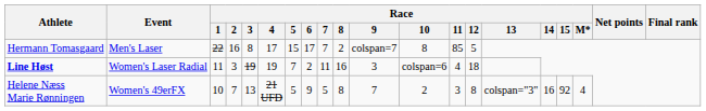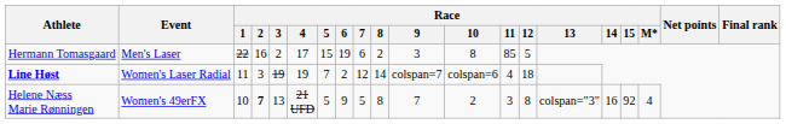 <table class="wikitable" style="font-size:90%">
 <tr>
 <th rowspan="2">Athlete</th>
 <th rowspan="2">Event</th>
 <th colspan=16>Race</th>
 <th rowspan=2>Net points</th>
 <th rowspan=2>Final rank</th>
 </tr>
 <tr style="font-size:95%">
 <th>1</th>
 <th>2</th>
 <th>3</th>
 <th>4</th>
 <th>5</th>
 <th>6</th>
 <th>7</th>
 <th>8</th>
 <th>9</th>
 <th>10</th>
 <th>11</th>
 <th>12</th>
 <th>13</th>
 <th>14</th>
 <th>15</th>
 <th>M*</th>
 </tr>
 <tr align=center>
 <td align=left><a href='#'>Hermann Tomasgaard</a></td>
 <td align=left><a href='#'>Men's Laser</a></td>
 <td><s>22</s></td>
 <td>16</td>
-<td>8</td>
+<td>2</td>
 <td>17</td>
 <td>15</td>
-<td>17</td>
-<td>7</td>
+<td>19</td>
+<td>6</td>
 <td>2</td>
-<td>colspan=7 </td>
+<td>3</td>
 <td>8</td>
 <td>85</td>
 <td>5</td>
 </tr>
 <tr align=center>
 <td align=left><strong><a href='#'>Line Høst</a></strong></td>
 <td align=left><a href='#'>Women's Laser Radial</a></td>
 <td>11</td>
 <td>3</td>
 <td><s>19</s></td>
 <td>19</td>
 <td>7</td>
 <td>2</td>
-<td>11</td>
-<td>16</td>
-<td>3</td>
+<td>12</td>
+<td>14</td>
+<td>colspan=7 </td>
 <td>colspan=6 </td>
 <td>4</td>
 <td>18</td>
 <td></td>
 </tr>
 <tr align=center>
 <td align=left><a href='#'>Helene Næss</a><br><a href='#'>Marie Rønningen</a></td>
 <td align=left><a href='#'>Women's 49erFX</a></td>
 <td>10</td>
-<td>7</td>
+<td><strong>7</strong></td>
 <td>13</td>
 <td><s>21<br>UFD</s></td>
 <td>5</td>
 <td>9</td>
 <td>5</td>
 <td>8</td>
 <td>7</td>
 <td>2</td>
 <td>3</td>
 <td>8</td>
 <td>colspan="3" </td>
 <td>16</td>
 <td>92</td>
 <td>4</td>
 </tr>
 </table>
